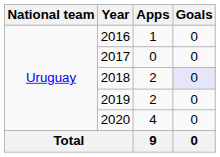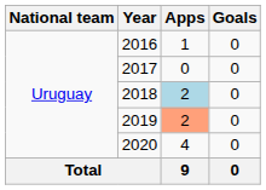 <table class="wikitable" style="text-align:center">
 <tr>
 <th>National team</th>
 <th>Year</th>
 <th>Apps</th>
 <th>Goals</th>
 </tr>
 <tr>
 <td rowspan="5"><a href='#'>Uruguay</a></td>
 <td>2016</td>
 <td>1</td>
 <td>0</td>
 </tr>
 <tr>
 <td>2017</td>
 <td>0</td>
 <td>0</td>
 </tr>
 <tr>
 <td>2018</td>
-<td>2</td>
-<td style="background: lavender;">0</td>
+<td style="background: lightblue;">2</td>
+<td>0</td>
 </tr>
 <tr>
 <td>2019</td>
-<td>2</td>
+<td style="background: lightsalmon;">2</td>
 <td>0</td>
 </tr>
 <tr>
 <td>2020</td>
 <td>4</td>
 <td>0</td>
 </tr>
 <tr>
 <th colspan="2">Total</th>
 <th>9</th>
 <th>0</th>
 </tr>
 </table>
